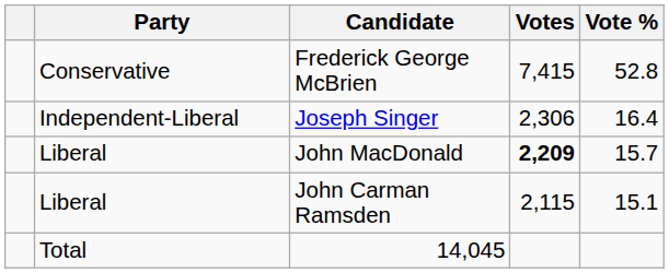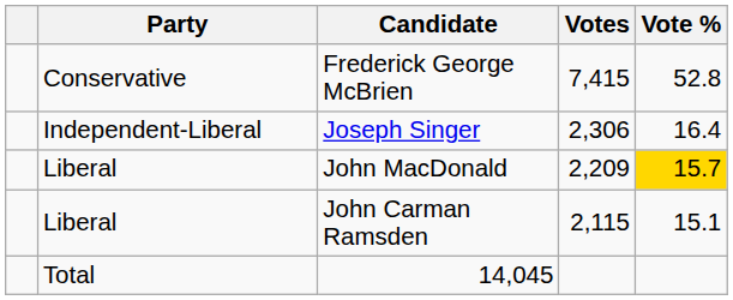 <table class="wikitable">
 <tr>
 <th></th>
 <th scope="col" width="175">Party</th>
 <th scope="col" width="150">Candidate</th>
 <th>Votes</th>
 <th>Vote %</th>
 </tr>
 <tr>
 <td>   </td>
 <td>Conservative</td>
 <td>Frederick George McBrien</td>
 <td align=right>7,415</td>
 <td align=right>52.8</td>
 </tr>
 <tr>
 <td>   </td>
 <td>Independent-Liberal</td>
 <td><a href='#'>Joseph Singer</a></td>
 <td align=right>2,306</td>
 <td align=right>16.4</td>
 </tr>
 <tr>
 <td>   </td>
 <td>Liberal</td>
 <td>John MacDonald</td>
-<td align=right><strong>2,209</strong></td>
-<td align=right>15.7</td>
+<td align=right>2,209</td>
+<td align=right style="background: gold;">15.7</td>
 </tr>
 <tr>
 <td>   </td>
 <td>Liberal</td>
 <td>John Carman Ramsden</td>
 <td align=right>2,115</td>
 <td align=right>15.1</td>
 </tr>
 <tr>
 <td></td>
 <td>Total</td>
 <td align=right>14,045</td>
 <td></td>
 </tr>
 </table>
